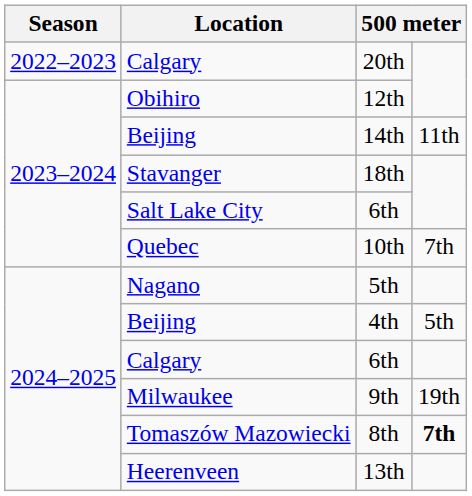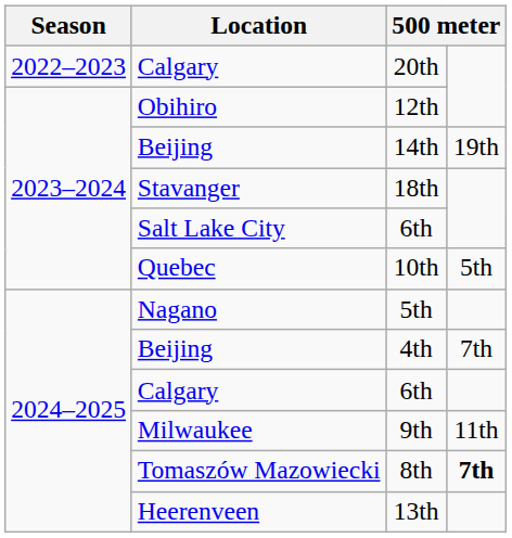 <table class="wikitable" style="display: inline-table;">
 <tr>
 <th>Season</th>
 <th>Location</th>
 <th colspan="2">500 meter</th>
 </tr>
 <tr style="text-align:center">
 <td><a href='#'>2022–2023</a></td>
 <td align=left> <a href='#'>Calgary</a></td>
 <td>20th</td>
 </tr>
 <tr style="text-align:center">
 <td rowspan=5><a href='#'>2023–2024</a></td>
 <td align=left> <a href='#'>Obihiro</a></td>
 <td>12th</td>
 </tr>
 <tr style="text-align:center">
 <td align=left> <a href='#'>Beijing</a></td>
 <td>14th</td>
-<td>11th</td>
+<td>19th</td>
 </tr>
 <tr style="text-align:center">
 <td align=left> <a href='#'>Stavanger</a></td>
 <td>18th</td>
 </tr>
 <tr style="text-align:center">
 <td align=left> <a href='#'>Salt Lake City</a></td>
 <td>6th</td>
 </tr>
 <tr style="text-align:center">
 <td align=left> <a href='#'>Quebec</a></td>
 <td>10th</td>
-<td>7th</td>
+<td>5th</td>
 </tr>
 <tr style="text-align:center">
 <td rowspan=6><a href='#'>2024–2025</a></td>
 <td align=left> <a href='#'>Nagano</a></td>
 <td>5th</td>
 </tr>
 <tr style="text-align:center">
 <td align=left> <a href='#'>Beijing</a></td>
 <td>4th</td>
-<td>5th</td>
+<td>7th</td>
 </tr>
 <tr style="text-align:center">
 <td align=left> <a href='#'>Calgary</a></td>
 <td>6th</td>
 </tr>
 <tr style="text-align:center">
 <td align=left> <a href='#'>Milwaukee</a></td>
 <td>9th</td>
-<td>19th</td>
+<td>11th</td>
 </tr>
 <tr style="text-align:center">
 <td align=left> <a href='#'>Tomaszów Mazowiecki</a></td>
 <td>8th</td>
 <td><strong>7th</strong></td>
 </tr>
 <tr style="text-align:center">
 <td align=left> <a href='#'>Heerenveen</a></td>
 <td>13th</td>
 </tr>
 </table>
